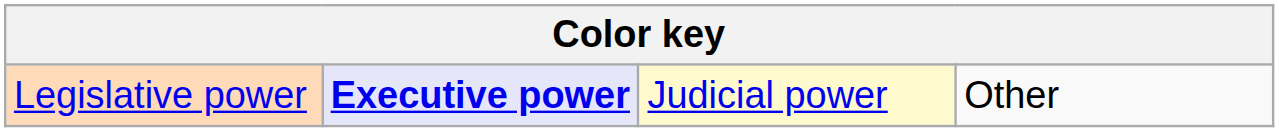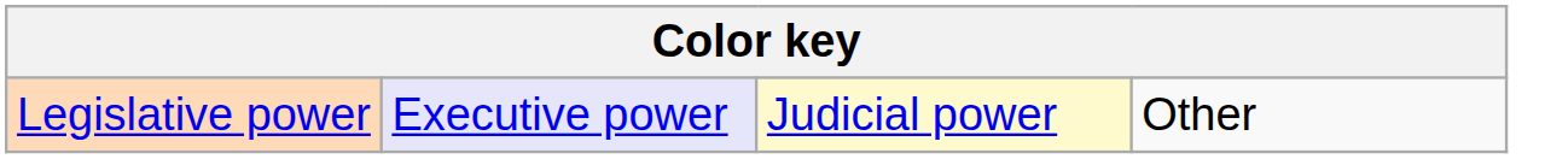 <table class="wikitable" border="1">
 <tr>
 <th colspan="4">Color key</th>
 </tr>
 <tr>
 <td style="background:PeachPuff" width="25%"><a href='#'>Legislative power</a></td>
-<td style="background:Lavender" width="25%"><strong><a href='#'>Executive power</a></strong></td>
+<td style="background:Lavender" width="25%"><a href='#'>Executive power</a></td>
 <td style="background:LemonChiffon" width="25%"><a href='#'>Judicial power</a></td>
 <td width="25%">Other</td>
 </tr>
 </table>
